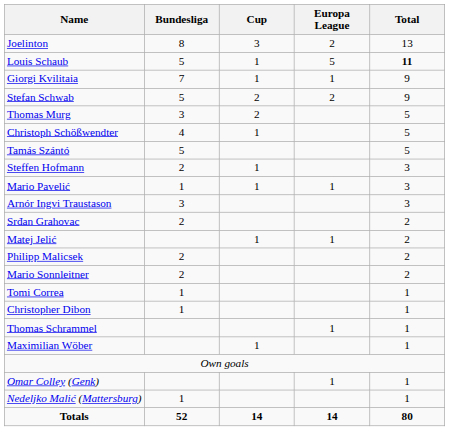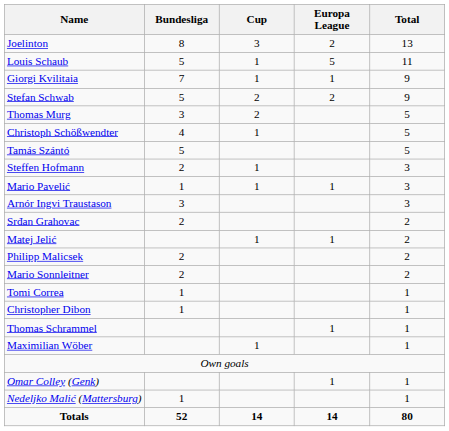 <table class="wikitable sortable" style="text-align: center;">
 <tr>
 <th class="unsortable">Name</th>
 <th width=100>Bundesliga</th>
 <th width=100>Cup</th>
 <th width=100>Europa League</th>
 <th width=100>Total</th>
 </tr>
 <tr>
 <td align="left"> <a href='#'>Joelinton</a></td>
 <td>8</td>
 <td>3</td>
 <td>2</td>
 <td>13</td>
 </tr>
 <tr>
 <td align="left"> <a href='#'>Louis Schaub</a></td>
 <td>5</td>
 <td>1</td>
 <td>5</td>
-<td><strong>11</strong></td>
+<td>11</td>
 </tr>
 <tr>
 <td align="left"> <a href='#'>Giorgi Kvilitaia</a></td>
 <td>7</td>
 <td>1</td>
 <td>1</td>
 <td>9</td>
 </tr>
 <tr>
 <td align="left"> <a href='#'>Stefan Schwab</a></td>
 <td>5</td>
 <td>2</td>
 <td>2</td>
 <td>9</td>
 </tr>
 <tr>
 <td align="left"> <a href='#'>Thomas Murg</a></td>
 <td>3</td>
 <td>2</td>
 <td></td>
 <td>5</td>
 </tr>
 <tr>
 <td align="left"> <a href='#'>Christoph Schößwendter</a></td>
 <td>4</td>
 <td>1</td>
 <td></td>
 <td>5</td>
 </tr>
 <tr>
 <td align="left"> <a href='#'>Tamás Szántó</a></td>
 <td>5</td>
 <td></td>
 <td></td>
 <td>5</td>
 </tr>
 <tr>
 <td align="left"> <a href='#'>Steffen Hofmann</a></td>
 <td>2</td>
 <td>1</td>
 <td></td>
 <td>3</td>
 </tr>
 <tr>
 <td align="left"> <a href='#'>Mario Pavelić</a></td>
 <td>1</td>
 <td>1</td>
 <td>1</td>
 <td>3</td>
 </tr>
 <tr>
 <td align="left"> <a href='#'>Arnór Ingvi Traustason</a></td>
 <td>3</td>
 <td></td>
 <td></td>
 <td>3</td>
 </tr>
 <tr>
 <td align="left"> <a href='#'>Srđan Grahovac</a></td>
 <td>2</td>
 <td></td>
 <td></td>
 <td>2</td>
 </tr>
 <tr>
 <td align="left"> <a href='#'>Matej Jelić</a></td>
 <td></td>
 <td>1</td>
 <td>1</td>
 <td>2</td>
 </tr>
 <tr>
 <td align="left"> <a href='#'>Philipp Malicsek</a></td>
 <td>2</td>
 <td></td>
 <td></td>
 <td>2</td>
 </tr>
 <tr>
 <td align="left"> <a href='#'>Mario Sonnleitner</a></td>
 <td>2</td>
 <td></td>
 <td></td>
 <td>2</td>
 </tr>
 <tr>
 <td align="left"> <a href='#'>Tomi Correa</a></td>
 <td>1</td>
 <td></td>
 <td></td>
 <td>1</td>
 </tr>
 <tr>
 <td align="left"> <a href='#'>Christopher Dibon</a></td>
 <td>1</td>
 <td></td>
 <td></td>
 <td>1</td>
 </tr>
 <tr>
 <td align="left"> <a href='#'>Thomas Schrammel</a></td>
 <td></td>
 <td></td>
 <td>1</td>
 <td>1</td>
 </tr>
 <tr>
 <td align="left"> <a href='#'>Maximilian Wöber</a></td>
 <td></td>
 <td>1</td>
 <td></td>
 <td>1</td>
 </tr>
 <tr class="sortbottom">
 <td colspan="5"><em>Own goals</em></td>
 </tr>
 <tr class="sortbottom">
 <td align="left"> <em><a href='#'>Omar Colley</a> (<a href='#'>Genk</a>)</em></td>
 <td></td>
 <td></td>
 <td>1</td>
 <td>1</td>
 </tr>
 <tr class="sortbottom">
 <td align="left"> <em><a href='#'>Nedeljko Malić</a> (<a href='#'>Mattersburg</a>)</em></td>
 <td>1</td>
 <td></td>
 <td></td>
 <td>1</td>
 </tr>
 <tr class="sortbottom">
 <td><strong>Totals</strong></td>
 <td><strong>52</strong></td>
 <td><strong>14</strong></td>
 <td><strong>14</strong></td>
 <td><strong>80</strong></td>
 </tr>
 </table>
